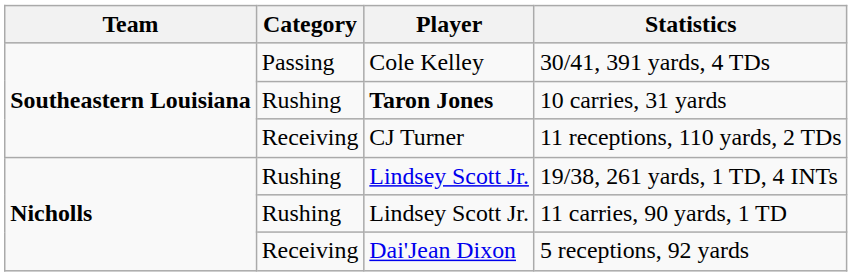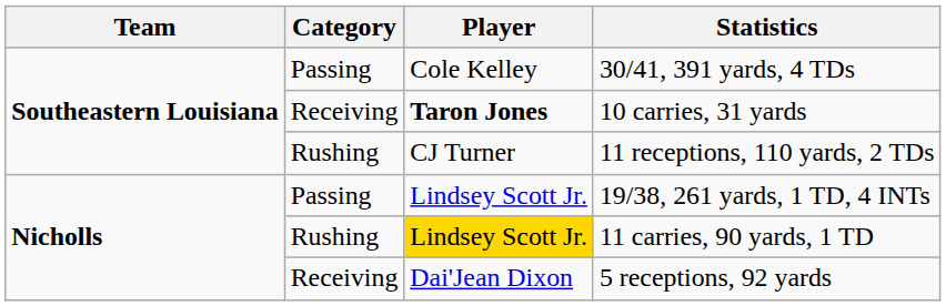 <table class="wikitable" style="float: left;">
 <tr>
 <th>Team</th>
 <th>Category</th>
 <th>Player</th>
 <th>Statistics</th>
 </tr>
 <tr>
 <td rowspan=3><strong>Southeastern Louisiana</strong></td>
 <td>Passing</td>
 <td>Cole Kelley</td>
 <td>30/41, 391 yards, 4 TDs</td>
 </tr>
 <tr>
-<td>Rushing</td>
+<td>Receiving</td>
 <td><strong>Taron Jones</strong></td>
 <td>10 carries, 31 yards</td>
 </tr>
 <tr>
-<td>Receiving</td>
+<td>Rushing</td>
 <td>CJ Turner</td>
 <td>11 receptions, 110 yards, 2 TDs</td>
 </tr>
 <tr>
 <td rowspan=3><strong>Nicholls</strong></td>
-<td>Rushing</td>
+<td>Passing</td>
 <td><a href='#'>Lindsey Scott Jr.</a></td>
 <td>19/38, 261 yards, 1 TD, 4 INTs</td>
 </tr>
 <tr>
 <td>Rushing</td>
-<td>Lindsey Scott Jr.</td>
+<td style="background: gold;">Lindsey Scott Jr.</td>
 <td>11 carries, 90 yards, 1 TD</td>
 </tr>
 <tr>
 <td>Receiving</td>
 <td><a href='#'>Dai'Jean Dixon</a></td>
 <td>5 receptions, 92 yards</td>
 </tr>
 </table>
